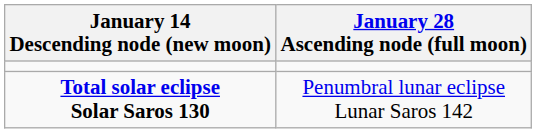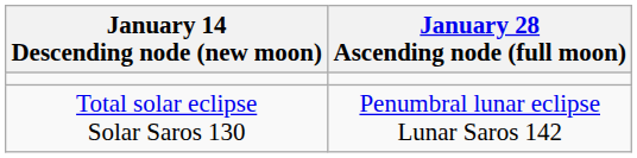 <table class="wikitable">
 <tr>
 <th>January 14<br>Descending node (new moon)</th>
 <th><a href='#'>January 28</a><br>Ascending node (full moon)</th>
 </tr>
 <tr>
 <td></td>
 <td></td>
 </tr>
 <tr align=center>
-<td><strong><a href='#'>Total solar eclipse</a><br>Solar Saros 130</strong></td>
+<td><a href='#'>Total solar eclipse</a><br>Solar Saros 130</td>
 <td><a href='#'>Penumbral lunar eclipse</a><br>Lunar Saros 142</td>
 </tr>
 </table>
